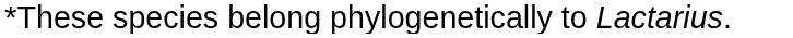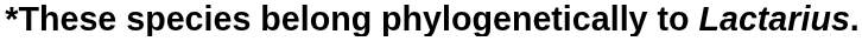 <table class="center toccolours">
 <tr>
 <td></td>
 </tr>
 <tr>
-<td style="text-align:left">*These species belong phylogenetically to <em>Lactarius</em>.</td>
+<td style="text-align:left"><strong>*These species belong phylogenetically to <em>Lactarius</em>.</strong></td>
 </tr>
 </table>
